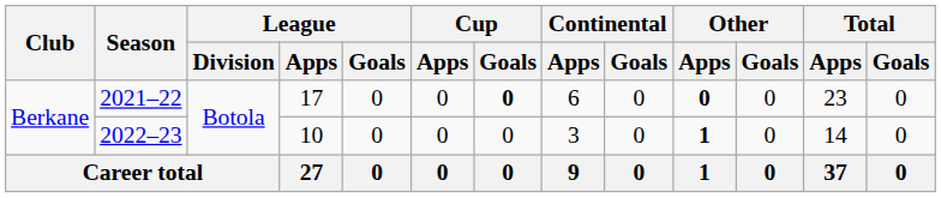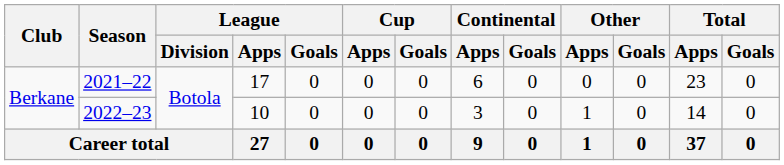 <table class="wikitable" style="text-align: center;">
 <tr>
 <th rowspan=2>Club</th>
 <th rowspan=2>Season</th>
 <th colspan=3>League</th>
 <th colspan=2>Cup</th>
 <th colspan=2>Continental</th>
 <th colspan=2>Other</th>
 <th colspan=2>Total</th>
 </tr>
 <tr>
 <th>Division</th>
 <th>Apps</th>
 <th>Goals</th>
 <th>Apps</th>
 <th>Goals</th>
 <th>Apps</th>
 <th>Goals</th>
 <th>Apps</th>
 <th>Goals</th>
 <th>Apps</th>
 <th>Goals</th>
 </tr>
 <tr>
 <td rowspan=2><a href='#'>Berkane</a></td>
 <td><a href='#'>2021–22</a></td>
 <td rowspan=2><a href='#'>Botola</a></td>
 <td>17</td>
 <td>0</td>
 <td>0</td>
-<td><strong>0</strong></td>
+<td>0</td>
 <td>6</td>
 <td>0</td>
-<td><strong>0</strong></td>
+<td>0</td>
 <td>0</td>
 <td>23</td>
 <td>0</td>
 </tr>
 <tr>
 <td><a href='#'>2022–23</a></td>
 <td>10</td>
 <td>0</td>
 <td>0</td>
 <td>0</td>
 <td>3</td>
 <td>0</td>
-<td><strong>1</strong></td>
+<td>1</td>
 <td>0</td>
 <td>14</td>
 <td>0</td>
 </tr>
 <tr>
 <th colspan=3><strong>Career total</strong></th>
 <th>27</th>
 <th>0</th>
 <th>0</th>
 <th>0</th>
 <th>9</th>
 <th>0</th>
 <th>1</th>
 <th>0</th>
 <th>37</th>
 <th>0</th>
 </tr>
 </table>
